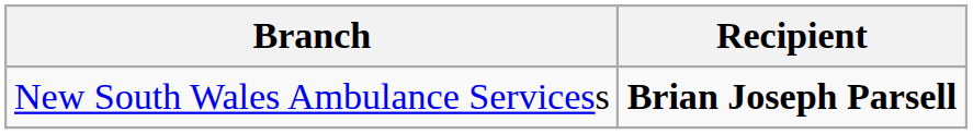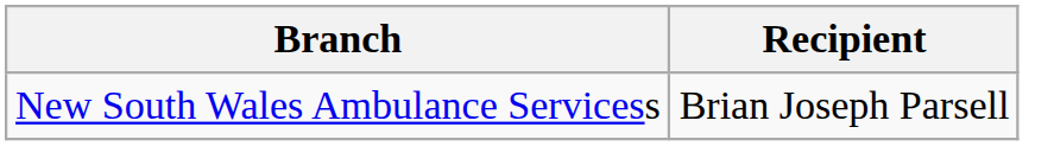 <table class="wikitable" style="font-size:95%;">
 <tr>
 <th>Branch</th>
 <th>Recipient</th>
 </tr>
 <tr>
 <td><a href='#'>New South Wales Ambulance Services</a>s</td>
-<td><strong>Brian Joseph Parsell</strong></td>
+<td>Brian Joseph Parsell</td>
 </tr>
 </table>
